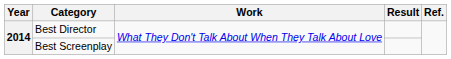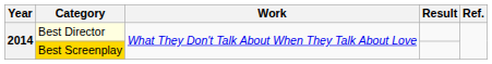 <table class="wikitable plainrowheaders sortable">
 <tr>
 <th>Year</th>
 <th>Category</th>
 <th>Work</th>
 <th>Result</th>
 <th class="unsortable">Ref.</th>
 </tr>
 <tr>
 <th rowspan="2">2014</th>
-<td>Best Director</td>
+<td style="background: lightyellow;">Best Director</td>
 <td rowspan="2"><em><a href='#'>What They Don't Talk About When They Talk About Love</a></em></td>
 <td></td>
 <td rowspan="2" align="center"></td>
 </tr>
 <tr>
-<td>Best Screenplay</td>
+<td style="background: gold;">Best Screenplay</td>
 <td></td>
 </tr>
 </table>
